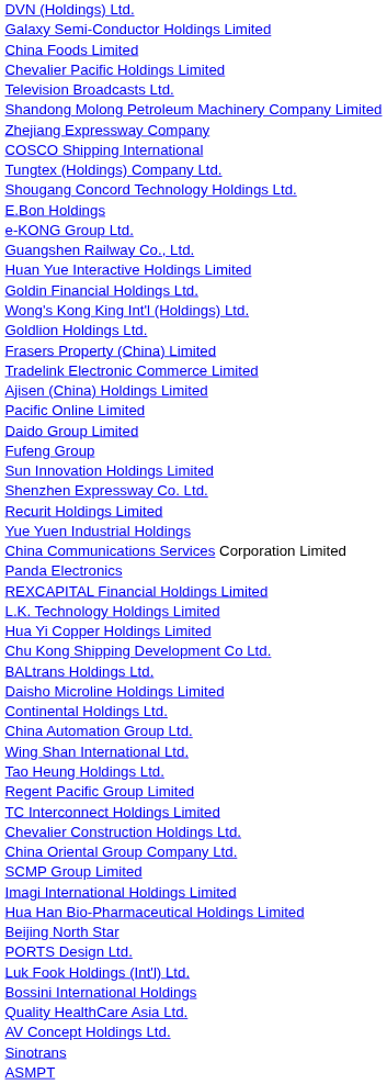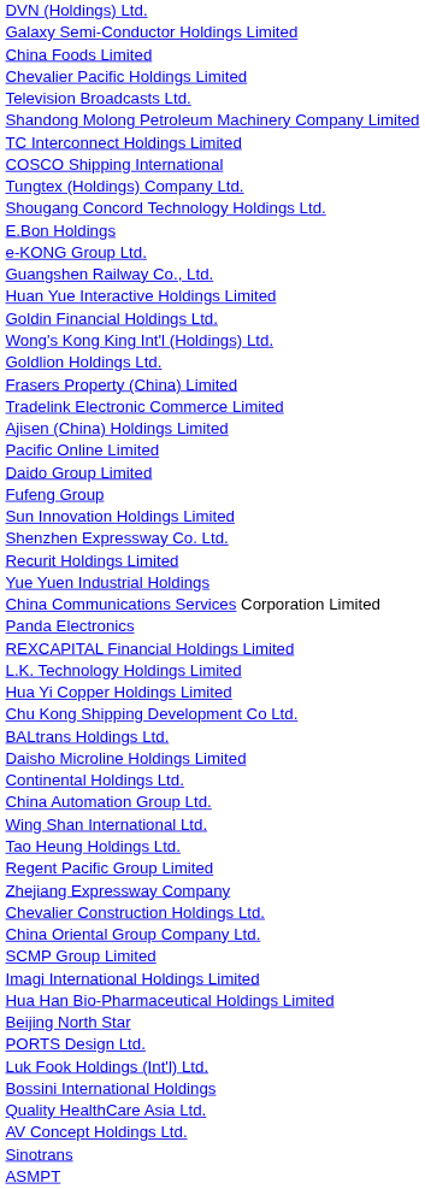 <table>
 <tr>
 <td> <a href='#'>DVN (Holdings) Ltd.</a></td>
 </tr>
 <tr>
 <td> <a href='#'>Galaxy Semi-Conductor Holdings Limited</a></td>
 </tr>
 <tr>
 <td> <a href='#'>China Foods Limited</a></td>
 </tr>
 <tr>
 <td> <a href='#'>Chevalier Pacific Holdings Limited</a></td>
 </tr>
 <tr>
 <td> <a href='#'>Television Broadcasts Ltd.</a></td>
 </tr>
 <tr>
 <td> <a href='#'>Shandong Molong Petroleum Machinery Company Limited</a></td>
 </tr>
 <tr>
-<td> <a href='#'>Zhejiang Expressway Company</a></td>
+<td> <a href='#'>TC Interconnect Holdings Limited</a></td>
 </tr>
 <tr>
 <td> <a href='#'>COSCO Shipping International</a></td>
 </tr>
 <tr>
 <td> <a href='#'>Tungtex (Holdings) Company Ltd.</a></td>
 </tr>
 <tr>
 <td> <a href='#'>Shougang Concord Technology Holdings Ltd.</a></td>
 </tr>
 <tr>
 <td> <a href='#'>E.Bon Holdings</a></td>
 </tr>
 <tr>
 <td> <a href='#'>e-KONG Group Ltd.</a></td>
 </tr>
 <tr>
 <td> <a href='#'>Guangshen Railway Co., Ltd.</a></td>
 </tr>
 <tr>
 <td> <a href='#'>Huan Yue Interactive Holdings Limited</a></td>
 </tr>
 <tr>
 <td> <a href='#'>Goldin Financial Holdings Ltd.</a></td>
 </tr>
 <tr>
 <td> <a href='#'>Wong's Kong King Int'l (Holdings) Ltd.</a></td>
 </tr>
 <tr>
 <td> <a href='#'>Goldlion Holdings Ltd.</a></td>
 </tr>
 <tr>
 <td> <a href='#'>Frasers Property (China) Limited</a></td>
 </tr>
 <tr>
 <td> <a href='#'>Tradelink Electronic Commerce Limited</a></td>
 </tr>
 <tr>
 <td> <a href='#'>Ajisen (China) Holdings Limited</a></td>
 </tr>
 <tr>
 <td> <a href='#'>Pacific Online Limited</a></td>
 </tr>
 <tr>
 <td> <a href='#'>Daido Group Limited</a></td>
 </tr>
 <tr>
 <td> <a href='#'>Fufeng Group</a></td>
 </tr>
 <tr>
 <td> <a href='#'>Sun Innovation Holdings Limited</a></td>
 </tr>
 <tr>
 <td> <a href='#'>Shenzhen Expressway Co. Ltd.</a></td>
 </tr>
 <tr>
 <td> <a href='#'>Recurit Holdings Limited</a></td>
 </tr>
 <tr>
 <td> <a href='#'>Yue Yuen Industrial Holdings</a></td>
 </tr>
 <tr>
 <td> <a href='#'>China Communications Services</a> Corporation Limited</td>
 </tr>
 <tr>
 <td> <a href='#'>Panda Electronics</a></td>
 </tr>
 <tr>
 <td> <a href='#'>REXCAPITAL Financial Holdings Limited</a></td>
 </tr>
 <tr>
 <td> <a href='#'>L.K. Technology Holdings Limited</a></td>
 </tr>
 <tr>
 <td> <a href='#'>Hua Yi Copper Holdings Limited</a></td>
 </tr>
 <tr>
 <td> <a href='#'>Chu Kong Shipping Development Co Ltd.</a></td>
 </tr>
 <tr>
 <td> <a href='#'>BALtrans Holdings Ltd.</a></td>
 </tr>
 <tr>
 <td> <a href='#'>Daisho Microline Holdings Limited</a></td>
 </tr>
 <tr>
 <td> <a href='#'>Continental Holdings Ltd.</a></td>
 </tr>
 <tr>
 <td> <a href='#'>China Automation Group Ltd.</a></td>
 </tr>
 <tr>
 <td> <a href='#'>Wing Shan International Ltd.</a></td>
 </tr>
 <tr>
 <td> <a href='#'>Tao Heung Holdings Ltd.</a></td>
 </tr>
 <tr>
 <td> <a href='#'>Regent Pacific Group Limited</a></td>
 </tr>
 <tr>
-<td> <a href='#'>TC Interconnect Holdings Limited</a></td>
+<td> <a href='#'>Zhejiang Expressway Company</a></td>
 </tr>
 <tr>
 <td> <a href='#'>Chevalier Construction Holdings Ltd.</a></td>
 </tr>
 <tr>
 <td> <a href='#'>China Oriental Group Company Ltd.</a></td>
 </tr>
 <tr>
 <td> <a href='#'>SCMP Group Limited</a></td>
 </tr>
 <tr>
 <td> <a href='#'>Imagi International Holdings Limited</a></td>
 </tr>
 <tr>
 <td> <a href='#'>Hua Han Bio-Pharmaceutical Holdings Limited</a></td>
 </tr>
 <tr>
 <td> <a href='#'>Beijing North Star</a></td>
 </tr>
 <tr>
 <td> <a href='#'>PORTS Design Ltd.</a></td>
 </tr>
 <tr>
 <td> <a href='#'>Luk Fook Holdings (Int'l) Ltd.</a></td>
 </tr>
 <tr>
 <td> <a href='#'>Bossini International Holdings</a></td>
 </tr>
 <tr>
 <td> <a href='#'>Quality HealthCare Asia Ltd.</a></td>
 </tr>
 <tr>
 <td> <a href='#'>AV Concept Holdings Ltd.</a></td>
 </tr>
 <tr>
 <td> <a href='#'>Sinotrans</a></td>
 </tr>
 <tr>
 <td> <a href='#'>ASMPT</a></td>
 </tr>
 </table>
